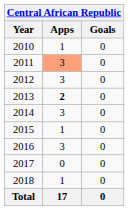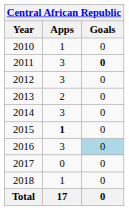 <table class="wikitable" style="text-align:center">
 <tr>
 <th colspan="3"><a href='#'>Central African Republic</a></th>
 </tr>
 <tr>
 <th>Year</th>
 <th>Apps</th>
 <th>Goals</th>
 </tr>
 <tr>
 <td>2010</td>
 <td>1</td>
 <td>0</td>
 </tr>
 <tr>
 <td>2011</td>
-<td style="background: lightsalmon;">3</td>
-<td>0</td>
+<td>3</td>
+<td><strong>0</strong></td>
 </tr>
 <tr>
 <td>2012</td>
 <td>3</td>
 <td>0</td>
 </tr>
 <tr>
 <td>2013</td>
-<td><strong>2</strong></td>
+<td>2</td>
 <td>0</td>
 </tr>
 <tr>
 <td>2014</td>
 <td>3</td>
 <td>0</td>
 </tr>
 <tr>
 <td>2015</td>
-<td>1</td>
+<td><strong>1</strong></td>
 <td>0</td>
 </tr>
 <tr>
 <td>2016</td>
 <td>3</td>
-<td>0</td>
+<td style="background: lightblue;">0</td>
 </tr>
 <tr>
 <td>2017</td>
 <td>0</td>
 <td>0</td>
 </tr>
 <tr>
 <td>2018</td>
 <td>1</td>
 <td>0</td>
 </tr>
 <tr>
 <th>Total</th>
 <th>17</th>
 <th>0</th>
 </tr>
 </table>
